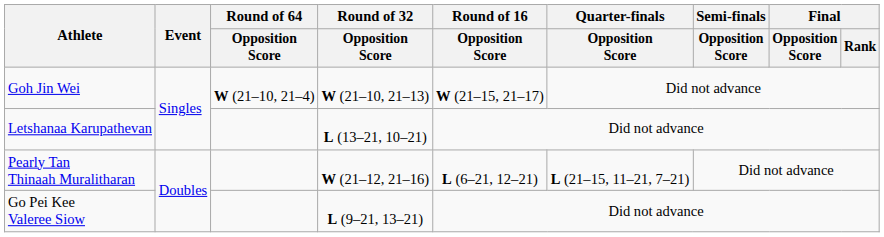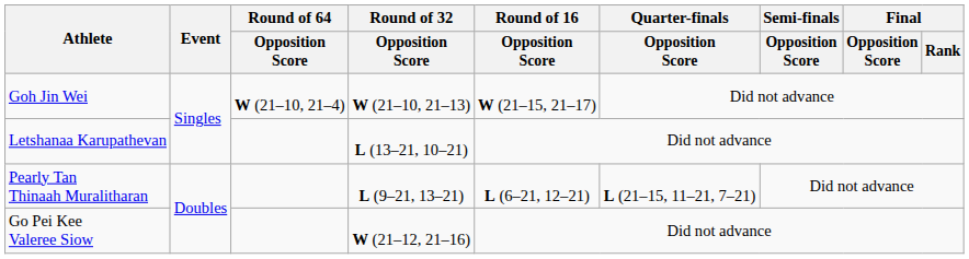 <table class="wikitable" style="font-size:90%;text-align:center">
 <tr>
 <th rowspan="2">Athlete</th>
 <th rowspan="2">Event</th>
 <th>Round of 64</th>
 <th>Round of 32</th>
 <th>Round of 16</th>
 <th>Quarter-finals</th>
 <th>Semi-finals</th>
 <th colspan="2">Final</th>
 </tr>
 <tr style="font-size:95%">
 <th>Opposition<br>Score</th>
 <th>Opposition<br>Score</th>
 <th>Opposition<br>Score</th>
 <th>Opposition<br>Score</th>
 <th>Opposition<br>Score</th>
 <th>Opposition<br>Score</th>
 <th>Rank</th>
 </tr>
 <tr>
 <td align="left"><a href='#'>Goh Jin Wei</a></td>
 <td align="left" rowspan="2"><a href='#'>Singles</a></td>
 <td><br><strong>W</strong> (21–10, 21–4)</td>
 <td><br><strong>W</strong> (21–10, 21–13)</td>
 <td><br><strong>W</strong> (21–15, 21–17)</td>
 <td colspan="4">Did not advance</td>
 </tr>
 <tr>
 <td align="left"><a href='#'>Letshanaa Karupathevan</a></td>
 <td></td>
 <td><br><strong>L</strong> (13–21, 10–21)</td>
 <td colspan="5">Did not advance</td>
 </tr>
 <tr>
 <td align="left"><a href='#'>Pearly Tan</a><br><a href='#'>Thinaah Muralitharan</a></td>
 <td align="left" rowspan="2"><a href='#'>Doubles</a></td>
 <td></td>
-<td><br><strong>W</strong> (21–12, 21–16)</td>
+<td><br><strong>L</strong> (9–21, 13–21)</td>
 <td><br><strong>L</strong> (6–21, 12–21)</td>
 <td><br><strong>L</strong> (21–15, 11–21, 7–21)</td>
 <td colspan="3">Did not advance</td>
 </tr>
 <tr>
 <td align="left">Go Pei Kee<br><a href='#'>Valeree Siow</a></td>
 <td></td>
-<td><br><strong>L</strong> (9–21, 13–21)</td>
+<td><br><strong>W</strong> (21–12, 21–16)</td>
 <td colspan="5">Did not advance</td>
 </tr>
 </table>
